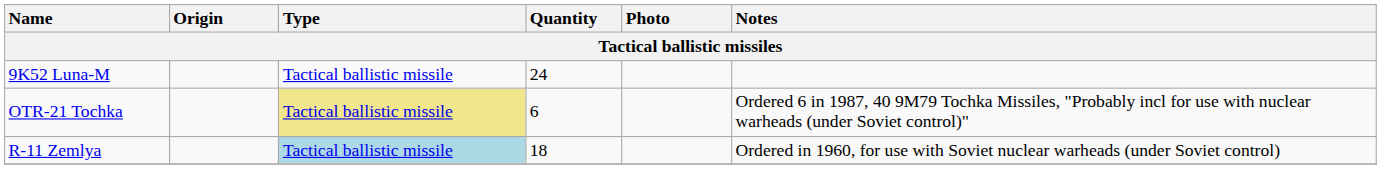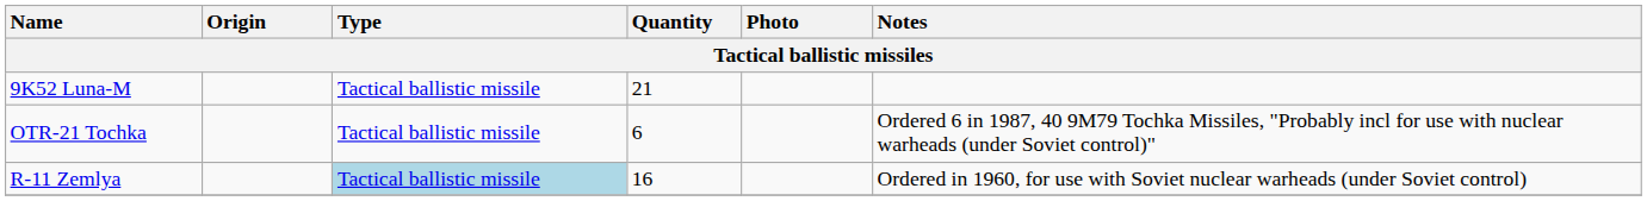 <table class="wikitable">
 <tr>
 <th style="text-align: left; width:12%;">Name</th>
 <th style="text-align: left; width:8%;">Origin</th>
 <th style="text-align: left; width:18%;">Type</th>
 <th style="text-align: left; width:7%;">Quantity</th>
 <th style="text-align: left;width:8%;">Photo</th>
 <th style="text-align: left;width:47%;">Notes</th>
 </tr>
 <tr>
 <th style="align: center;" colspan="7">Tactical ballistic missiles</th>
 </tr>
 <tr>
 <td><a href='#'>9K52 Luna-M</a></td>
 <td></td>
 <td><a href='#'>Tactical ballistic missile</a></td>
-<td>24</td>
+<td>21</td>
 <td></td>
 <td></td>
 </tr>
 <tr>
 <td><a href='#'>OTR-21 Tochka</a></td>
 <td></td>
-<td style="background: khaki;"><a href='#'>Tactical ballistic missile</a></td>
+<td><a href='#'>Tactical ballistic missile</a></td>
 <td>6</td>
 <td></td>
 <td>Ordered 6 in 1987, 40 9M79 Tochka Missiles, "Probably incl for use with nuclear warheads (under Soviet control)"</td>
 </tr>
 <tr>
 <td><a href='#'>R-11 Zemlya</a></td>
 <td></td>
 <td style="background: lightblue;"><a href='#'>Tactical ballistic missile</a></td>
-<td>18</td>
+<td>16</td>
 <td></td>
 <td>Ordered in 1960, for use with Soviet nuclear warheads (under Soviet control)</td>
 </tr>
 <tr>
 </tr>
 </table>
